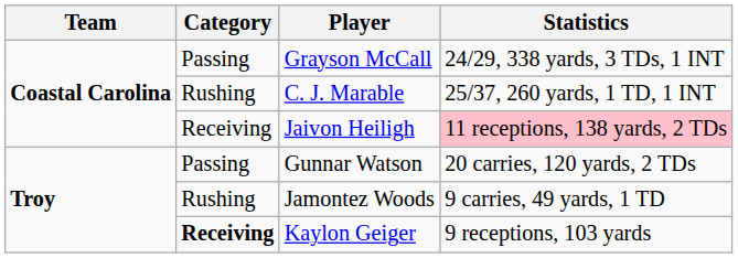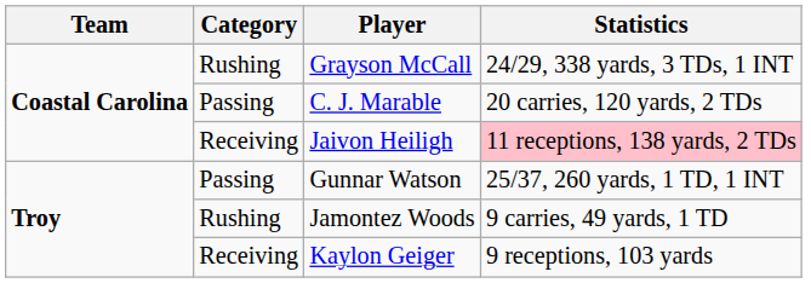 <table class="wikitable" style="float: left;">
 <tr>
 <th>Team</th>
 <th>Category</th>
 <th>Player</th>
 <th>Statistics</th>
 </tr>
 <tr>
 <td rowspan=3><strong>Coastal Carolina</strong></td>
-<td>Passing</td>
+<td>Rushing</td>
 <td><a href='#'>Grayson McCall</a></td>
 <td>24/29, 338 yards, 3 TDs, 1 INT</td>
 </tr>
 <tr>
-<td>Rushing</td>
+<td>Passing</td>
 <td><a href='#'>C. J. Marable</a></td>
-<td>25/37, 260 yards, 1 TD, 1 INT</td>
+<td>20 carries, 120 yards, 2 TDs</td>
 </tr>
 <tr>
 <td>Receiving</td>
 <td><a href='#'>Jaivon Heiligh</a></td>
 <td style="background: pink;">11 receptions, 138 yards, 2 TDs</td>
 </tr>
 <tr>
 <td rowspan=3><strong>Troy</strong></td>
 <td>Passing</td>
 <td>Gunnar Watson</td>
-<td>20 carries, 120 yards, 2 TDs</td>
+<td>25/37, 260 yards, 1 TD, 1 INT</td>
 </tr>
 <tr>
 <td>Rushing</td>
 <td>Jamontez Woods</td>
 <td>9 carries, 49 yards, 1 TD</td>
 </tr>
 <tr>
-<td><strong>Receiving</strong></td>
+<td>Receiving</td>
 <td><a href='#'>Kaylon Geiger</a></td>
 <td>9 receptions, 103 yards</td>
 </tr>
 </table>
